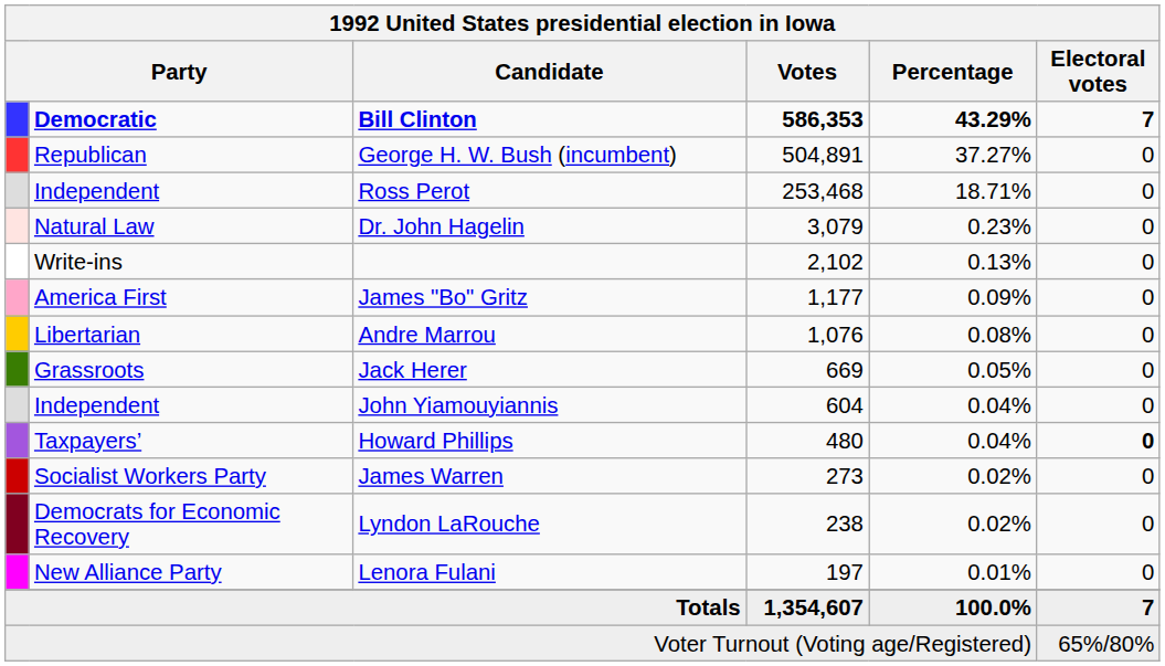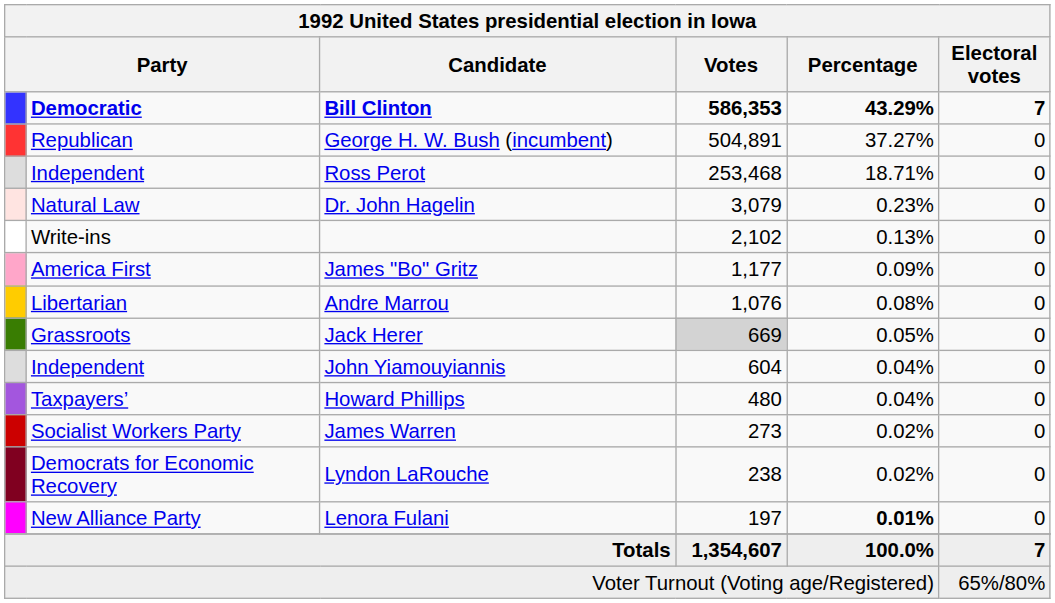 <table class="wikitable" style="font-size: 95%;">
 <tr>
 <th colspan="6">1992 United States presidential election in Iowa</th>
 </tr>
 <tr>
 <th colspan="2" style="width: 15em">Party</th>
 <th style="width: 17em">Candidate</th>
 <th style="width: 5em">Votes</th>
 <th style="width: 7em">Percentage</th>
 <th style="width: 5em">Electoral votes</th>
 </tr>
 <tr>
 <th style="background-color:#3333FF; width: 3px"></th>
 <td style="width: 130px"><strong><a href='#'>Democratic</a></strong></td>
 <td><strong><a href='#'>Bill Clinton</a></strong></td>
 <td align="right"><strong>586,353</strong></td>
 <td align="right"><strong>43.29%</strong></td>
 <td align="right"><strong>7</strong></td>
 </tr>
 <tr>
 <th style="background-color:#FF3333; width: 3px"></th>
 <td style="width: 130px"><a href='#'>Republican</a></td>
 <td><a href='#'>George H. W. Bush</a> (<a href='#'>incumbent</a>)</td>
 <td align="right">504,891</td>
 <td align="right">37.27%</td>
 <td align="right">0</td>
 </tr>
 <tr>
 <th style="background-color:#DDDDDD; width: 3px"></th>
 <td style="width: 130px"><a href='#'>Independent</a></td>
 <td><a href='#'>Ross Perot</a></td>
 <td align="right">253,468</td>
 <td align="right">18.71%</td>
 <td align="right">0</td>
 </tr>
 <tr>
 <th style="background-color:#ffe4e1; width: 3px"></th>
 <td style="width: 130px"><a href='#'>Natural Law</a></td>
 <td><a href='#'>Dr. John Hagelin</a></td>
 <td align="right">3,079</td>
 <td align="right">0.23%</td>
 <td align="right">0</td>
 </tr>
 <tr>
 <th style="background-color:#FFFFFF; width: 3px"></th>
 <td style="width: 130px">Write-ins</td>
 <td></td>
 <td align="right">2,102</td>
 <td align="right">0.13%</td>
 <td align="right">0</td>
 </tr>
 <tr>
 <th style="background-color:#FFA6C9; width: 3px"></th>
 <td style="width: 130px"><a href='#'>America First</a></td>
 <td><a href='#'>James "Bo" Gritz</a></td>
 <td align="right">1,177</td>
 <td align="right">0.09%</td>
 <td align="right">0</td>
 </tr>
 <tr>
 <th style="background-color:#FFCC00; width: 3px"></th>
 <td style="width: 130px"><a href='#'>Libertarian</a></td>
 <td><a href='#'>Andre Marrou</a></td>
 <td align="right">1,076</td>
 <td align="right">0.08%</td>
 <td align="right">0</td>
 </tr>
 <tr>
 <th style="background-color:#397D02; width: 3px"></th>
 <td style="width: 130px"><a href='#'>Grassroots</a></td>
 <td><a href='#'>Jack Herer</a></td>
-<td align="right">669</td>
+<td align="right" style="background: lightgrey;">669</td>
 <td align="right">0.05%</td>
 <td align="right">0</td>
 </tr>
 <tr>
 <th style="background-color:#DDDDDD; width: 3px"></th>
 <td style="width: 130px"><a href='#'>Independent</a></td>
 <td><a href='#'>John Yiamouyiannis</a></td>
 <td align="right">604</td>
 <td align="right">0.04%</td>
 <td align="right">0</td>
 </tr>
 <tr>
 <th style="background-color:#A356DE; width: 3px"></th>
 <td style="width: 130px"><a href='#'>Taxpayers’</a></td>
 <td><a href='#'>Howard Phillips</a></td>
 <td align="right">480</td>
 <td align="right">0.04%</td>
-<td align="right"><strong>0</strong></td>
+<td align="right">0</td>
 </tr>
 <tr>
 <th style="background:#c00; width:3px;"></th>
 <td style="width: 130px"><a href='#'>Socialist Workers Party</a></td>
 <td><a href='#'>James Warren</a></td>
 <td style="text-align:right;">273</td>
 <td style="text-align:right;">0.02%</td>
 <td style="text-align:right;">0</td>
 </tr>
 <tr>
 <th style="background: #800020; width:3px;"></th>
 <td style="width: 130px"><a href='#'>Democrats for Economic Recovery</a></td>
 <td><a href='#'>Lyndon LaRouche</a></td>
 <td style="text-align:right;">238</td>
 <td style="text-align:right;">0.02%</td>
 <td style="text-align:right;">0</td>
 </tr>
 <tr>
 <th style="background-color:#FF00FF; width: 3px"></th>
 <td style="width: 130px"><a href='#'>New Alliance Party</a></td>
 <td><a href='#'>Lenora Fulani</a></td>
 <td align="right">197</td>
-<td align="right">0.01%</td>
+<td align="right"><strong>0.01%</strong></td>
 <td align="right">0</td>
 </tr>
 <tr>
 </tr>
 <tr bgcolor="#EEEEEE">
 <td colspan="3" align="right"><strong>Totals</strong></td>
 <td align="right"><strong>1,354,607</strong></td>
 <td align="right"><strong>100.0%</strong></td>
 <td align="right"><strong>7</strong></td>
 </tr>
 <tr bgcolor="#EEEEEE">
 <td colspan="5" align="right">Voter Turnout (Voting age/Registered)</td>
 <td colspan="1" align="right">65%/80%</td>
 </tr>
 </table>
